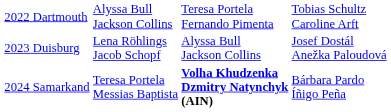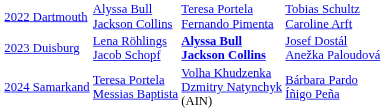 <table>
 <tr>
 <td><a href='#'>2022 Dartmouth</a></td>
 <td><a href='#'>Alyssa Bull</a><br><a href='#'>Jackson Collins</a><br></td>
 <td><a href='#'>Teresa Portela</a><br><a href='#'>Fernando Pimenta</a><br></td>
 <td><a href='#'>Tobias Schultz</a><br><a href='#'>Caroline Arft</a><br></td>
 </tr>
 <tr>
 <td><a href='#'>2023 Duisburg</a></td>
 <td><a href='#'>Lena Röhlings</a><br><a href='#'>Jacob Schopf</a><br></td>
-<td><a href='#'>Alyssa Bull</a><br><a href='#'>Jackson Collins</a><br></td>
+<td><strong><a href='#'>Alyssa Bull</a><br><a href='#'>Jackson Collins</a><br></strong></td>
 <td><a href='#'>Josef Dostál</a><br><a href='#'>Anežka Paloudová</a><br></td>
 </tr>
 <tr>
 <td><a href='#'>2024 Samarkand</a></td>
 <td><a href='#'>Teresa Portela</a><br><a href='#'>Messias Baptista</a><br></td>
-<td><strong><a href='#'>Volha Khudzenka</a><br><a href='#'>Dzmitry Natynchyk</a><br>(AIN)</strong></td>
+<td><a href='#'>Volha Khudzenka</a><br><a href='#'>Dzmitry Natynchyk</a><br>(AIN)</td>
 <td><a href='#'>Bárbara Pardo</a><br><a href='#'>Íñigo Peña</a><br></td>
 </tr>
 </table>
